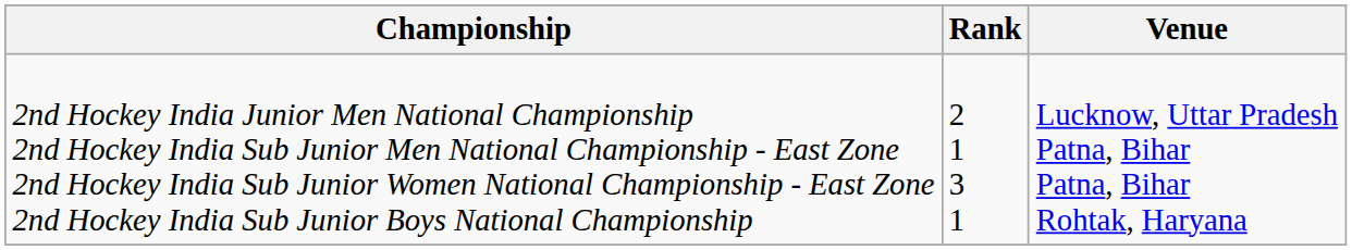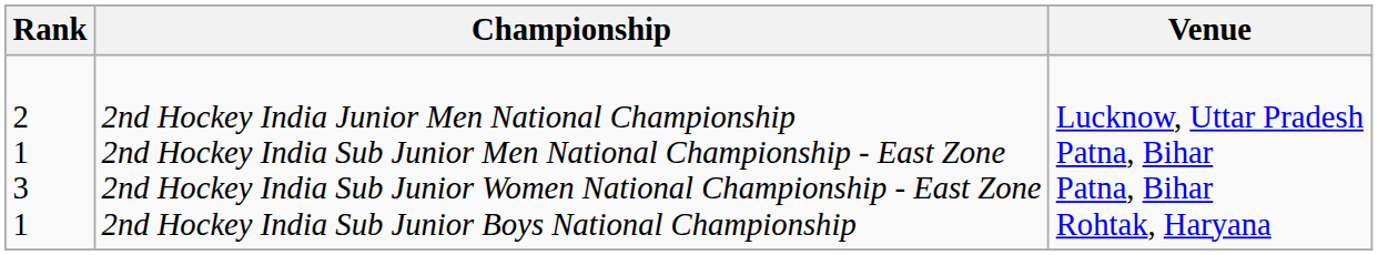 <table class="wikitable" style="text-align: left;">
 <tr>
+<th>Rank</th>
 <th>Championship</th>
-<th>Rank</th>
 <th>Venue</th>
 </tr>
 <tr>
+<td><div><br>2 <br> 1<br> 3<br> 1</div></td>
 <td><br><em>2nd Hockey India Junior Men National Championship</em> <br> <em>2nd Hockey India Sub Junior Men National Championship - East Zone</em> <br> <em>2nd Hockey India Sub Junior Women National Championship - East Zone</em> <br> <em>2nd Hockey India Sub Junior Boys National Championship</em></td>
-<td><div><br>2 <br> 1<br> 3<br> 1</div></td>
 <td><br><a href='#'>Lucknow</a>, <a href='#'>Uttar Pradesh</a><br> <a href='#'>Patna</a>, <a href='#'>Bihar</a><br> <a href='#'>Patna</a>, <a href='#'>Bihar</a><br> <a href='#'>Rohtak</a>, <a href='#'>Haryana</a></td>
 </tr>
 </table>
